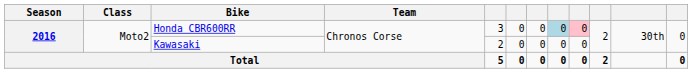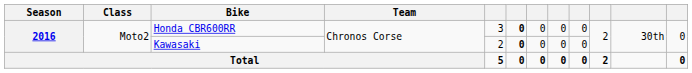 <table class="wikitable" style="font-size:98%; text-align:right; width:900px;">
 <tr>
 <th>Season</th>
 <th>Class</th>
 <th>Bike</th>
 <th>Team</th>
 <th></th>
 <th></th>
 <th></th>
 <th></th>
 <th></th>
 <th></th>
 <th></th>
 <th></th>
 </tr>
 <tr>
 <th rowspan=2><a href='#'>2016</a></th>
 <td rowspan=2>Moto2</td>
 <td align="left"><a href='#'>Honda CBR600RR</a></td>
 <td rowspan=2 align="left">Chronos Corse</td>
 <td>3</td>
+<td><strong>0</strong></td>
 <td>0</td>
 <td>0</td>
-<td style="background: lightblue;">0</td>
-<td style="background: pink;">0</td>
+<td>0</td>
 <td rowspan=2>2</td>
 <td rowspan=2>30th</td>
 <td rowspan=2>0</td>
 </tr>
 <tr>
 <td align="left"><a href='#'>Kawasaki</a></td>
 <td>2</td>
-<td>0</td>
+<td><strong>0</strong></td>
 <td>0</td>
 <td>0</td>
 <td>0</td>
 </tr>
 <tr>
 <th colspan=4>Total</th>
 <td><strong>5</strong></td>
 <td><strong>0</strong></td>
 <td><strong>0</strong></td>
 <td><strong>0</strong></td>
 <td><strong>0</strong></td>
 <td><strong>2</strong></td>
 <td></td>
 <td><strong>0</strong></td>
 </tr>
 </table>
